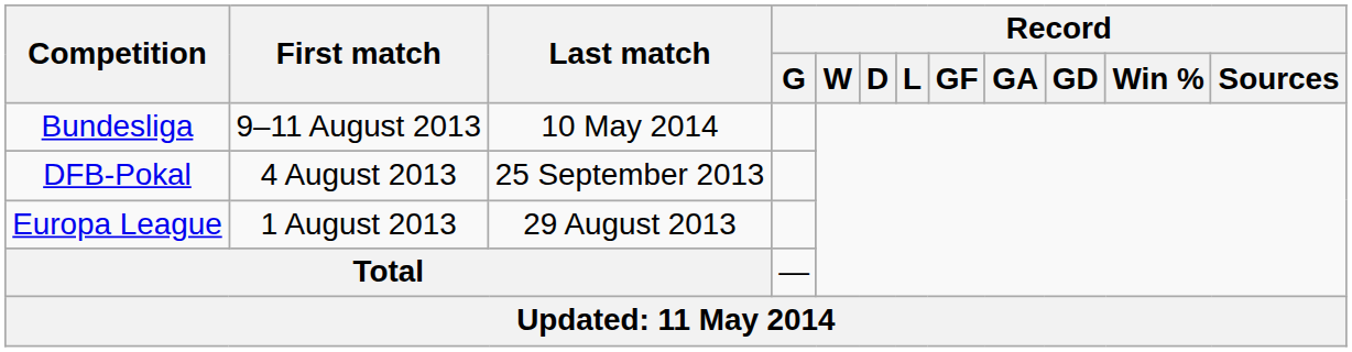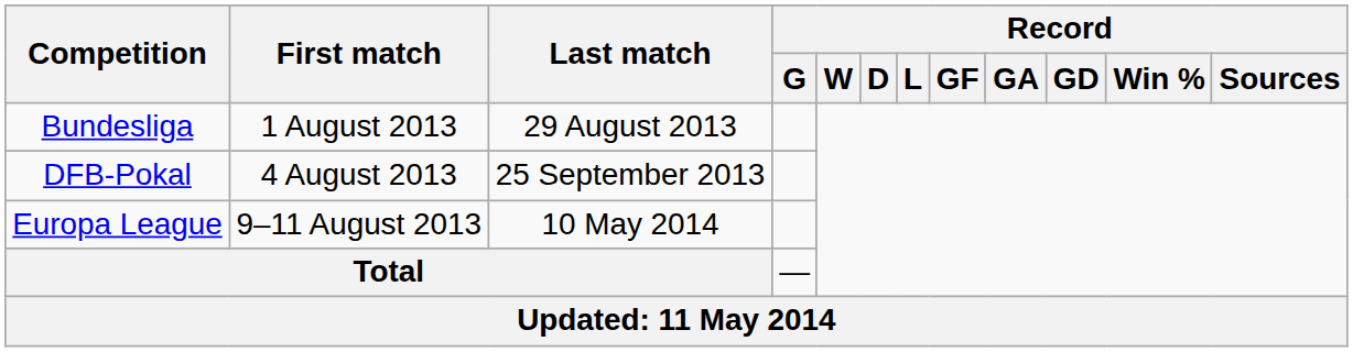 <table class="wikitable">
 <tr>
 <th rowspan="2">Competition</th>
 <th rowspan="2">First match</th>
 <th rowspan="2">Last match</th>
 <th colspan="9">Record</th>
 </tr>
 <tr>
 <th>G</th>
 <th>W</th>
 <th>D</th>
 <th>L</th>
 <th>GF</th>
 <th>GA</th>
 <th>GD</th>
 <th>Win %</th>
 <th>Sources</th>
 </tr>
 <tr>
 <td align=center><a href='#'>Bundesliga</a></td>
-<td align=center>9–11 August 2013</td>
-<td align=center>10 May 2014<br></td>
+<td align=center>1 August 2013</td>
+<td align=center>29 August 2013<br></td>
 <td align=center></td>
 </tr>
 <tr>
 <td align=center><a href='#'>DFB-Pokal</a></td>
 <td align=center>4 August 2013</td>
 <td align=center>25 September 2013<br></td>
 <td align=center></td>
 </tr>
 <tr>
 <td align=center><a href='#'>Europa League</a></td>
-<td align=center>1 August 2013</td>
-<td align=center>29 August 2013<br></td>
+<td align=center>9–11 August 2013</td>
+<td align=center>10 May 2014<br></td>
 <td align=center></td>
 </tr>
 <tr>
 <th colspan="3">Total<br></th>
 <td align=center>—</td>
 </tr>
 <tr>
 <th colspan="12">Updated: 11 May 2014</th>
 </tr>
 </table>
